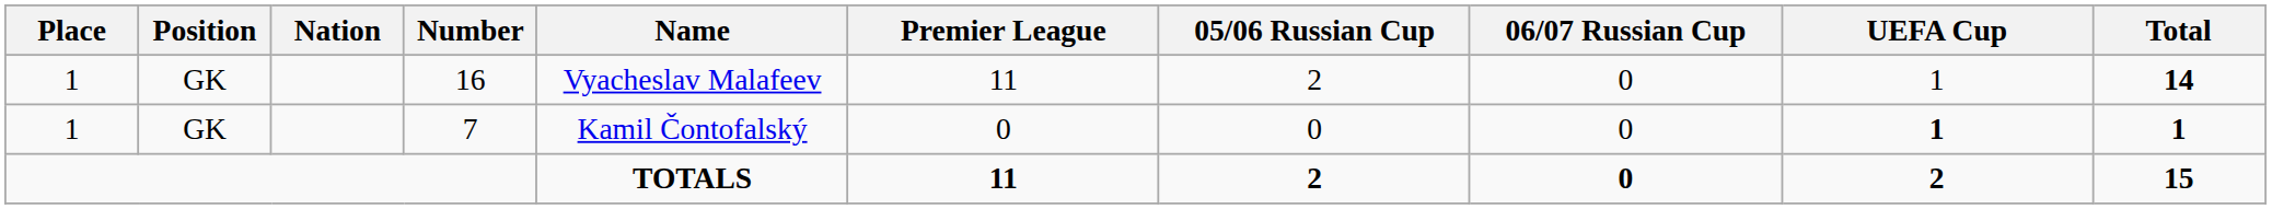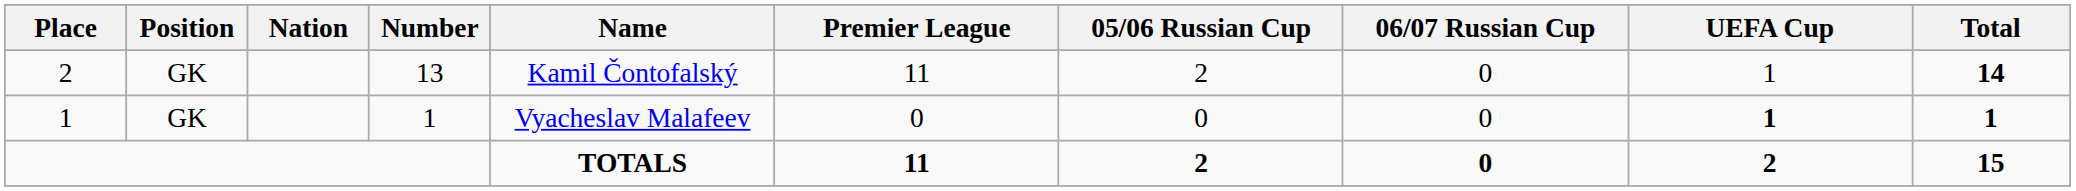 <table class="wikitable" style="font-size: 95%; text-align: center;">
 <tr>
 <th width=60>Place</th>
 <th width=60>Position</th>
 <th width=60>Nation</th>
 <th width=60>Number</th>
 <th width=150>Name</th>
 <th width=150>Premier League</th>
 <th width=150>05/06 Russian Cup</th>
 <th width=150>06/07 Russian Cup</th>
 <th width=150>UEFA Cup</th>
 <th width=80><strong>Total</strong></th>
 </tr>
 <tr>
-<td>1</td>
+<td>2</td>
 <td>GK</td>
 <td></td>
-<td>16</td>
-<td><a href='#'>Vyacheslav Malafeev</a></td>
+<td>13</td>
+<td><a href='#'>Kamil Čontofalský</a></td>
 <td>11</td>
 <td>2</td>
 <td>0</td>
 <td>1</td>
 <td><strong>14</strong></td>
 </tr>
 <tr>
 <td>1</td>
 <td>GK</td>
 <td></td>
-<td>7</td>
-<td><a href='#'>Kamil Čontofalský</a></td>
+<td>1</td>
+<td><a href='#'>Vyacheslav Malafeev</a></td>
 <td>0</td>
 <td>0</td>
 <td>0</td>
 <td><strong>1</strong></td>
 <td><strong>1</strong></td>
 </tr>
 <tr>
 <td colspan="4"></td>
 <td><strong>TOTALS</strong></td>
 <td><strong>11</strong></td>
 <td><strong>2</strong></td>
 <td><strong>0</strong></td>
 <td><strong>2</strong></td>
 <td><strong>15</strong></td>
 </tr>
 </table>
